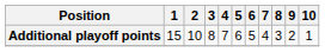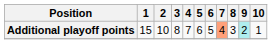 <table class="wikitable" style="font-size: 85%; text-align:center">
 <tr valign="top">
 <th>Position</th>
 <th>1</th>
 <th>2</th>
 <th>3</th>
 <th>4</th>
 <th>5</th>
 <th>6</th>
 <th>7</th>
 <th>8</th>
 <th>9</th>
 <th>10</th>
 </tr>
 <tr>
 <th>Additional playoff points</th>
 <td>15</td>
 <td>10</td>
 <td>8</td>
 <td>7</td>
 <td>6</td>
 <td>5</td>
-<td>4</td>
+<td style="background: lightsalmon;">4</td>
 <td>3</td>
-<td>2</td>
+<td style="background: paleturquoise;">2</td>
 <td>1</td>
 </tr>
 <tr>
 </tr>
 </table>
